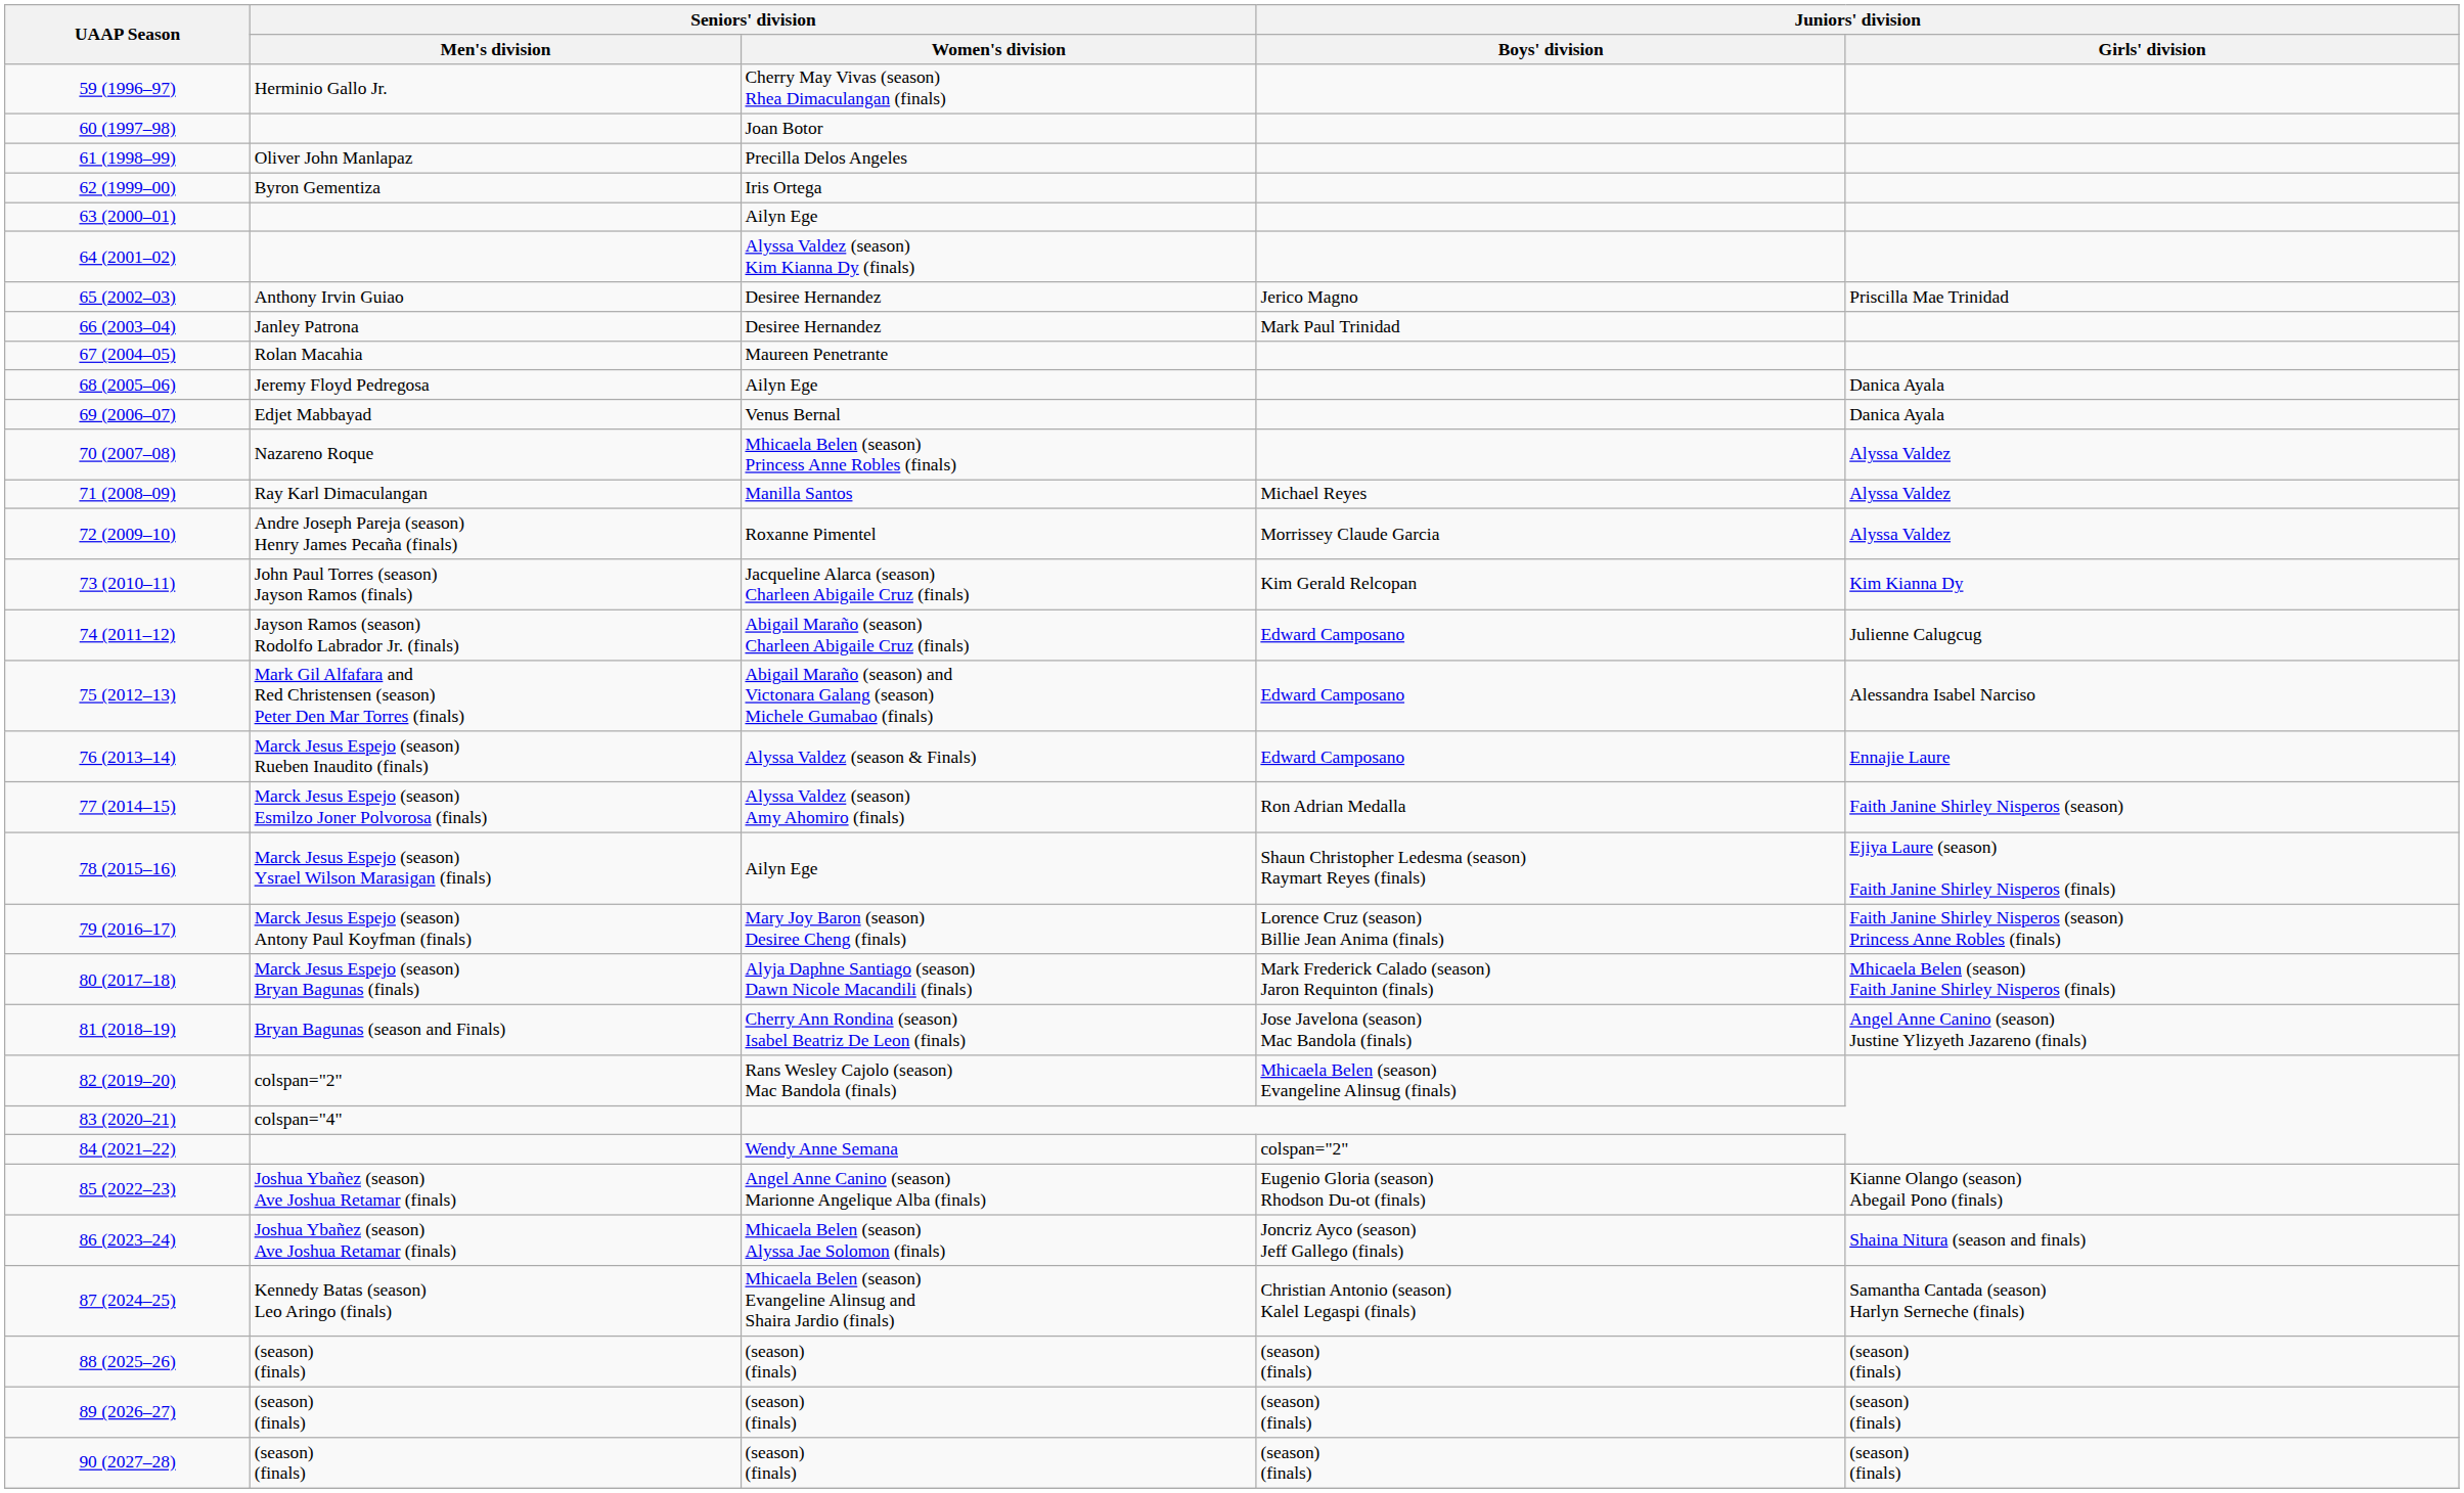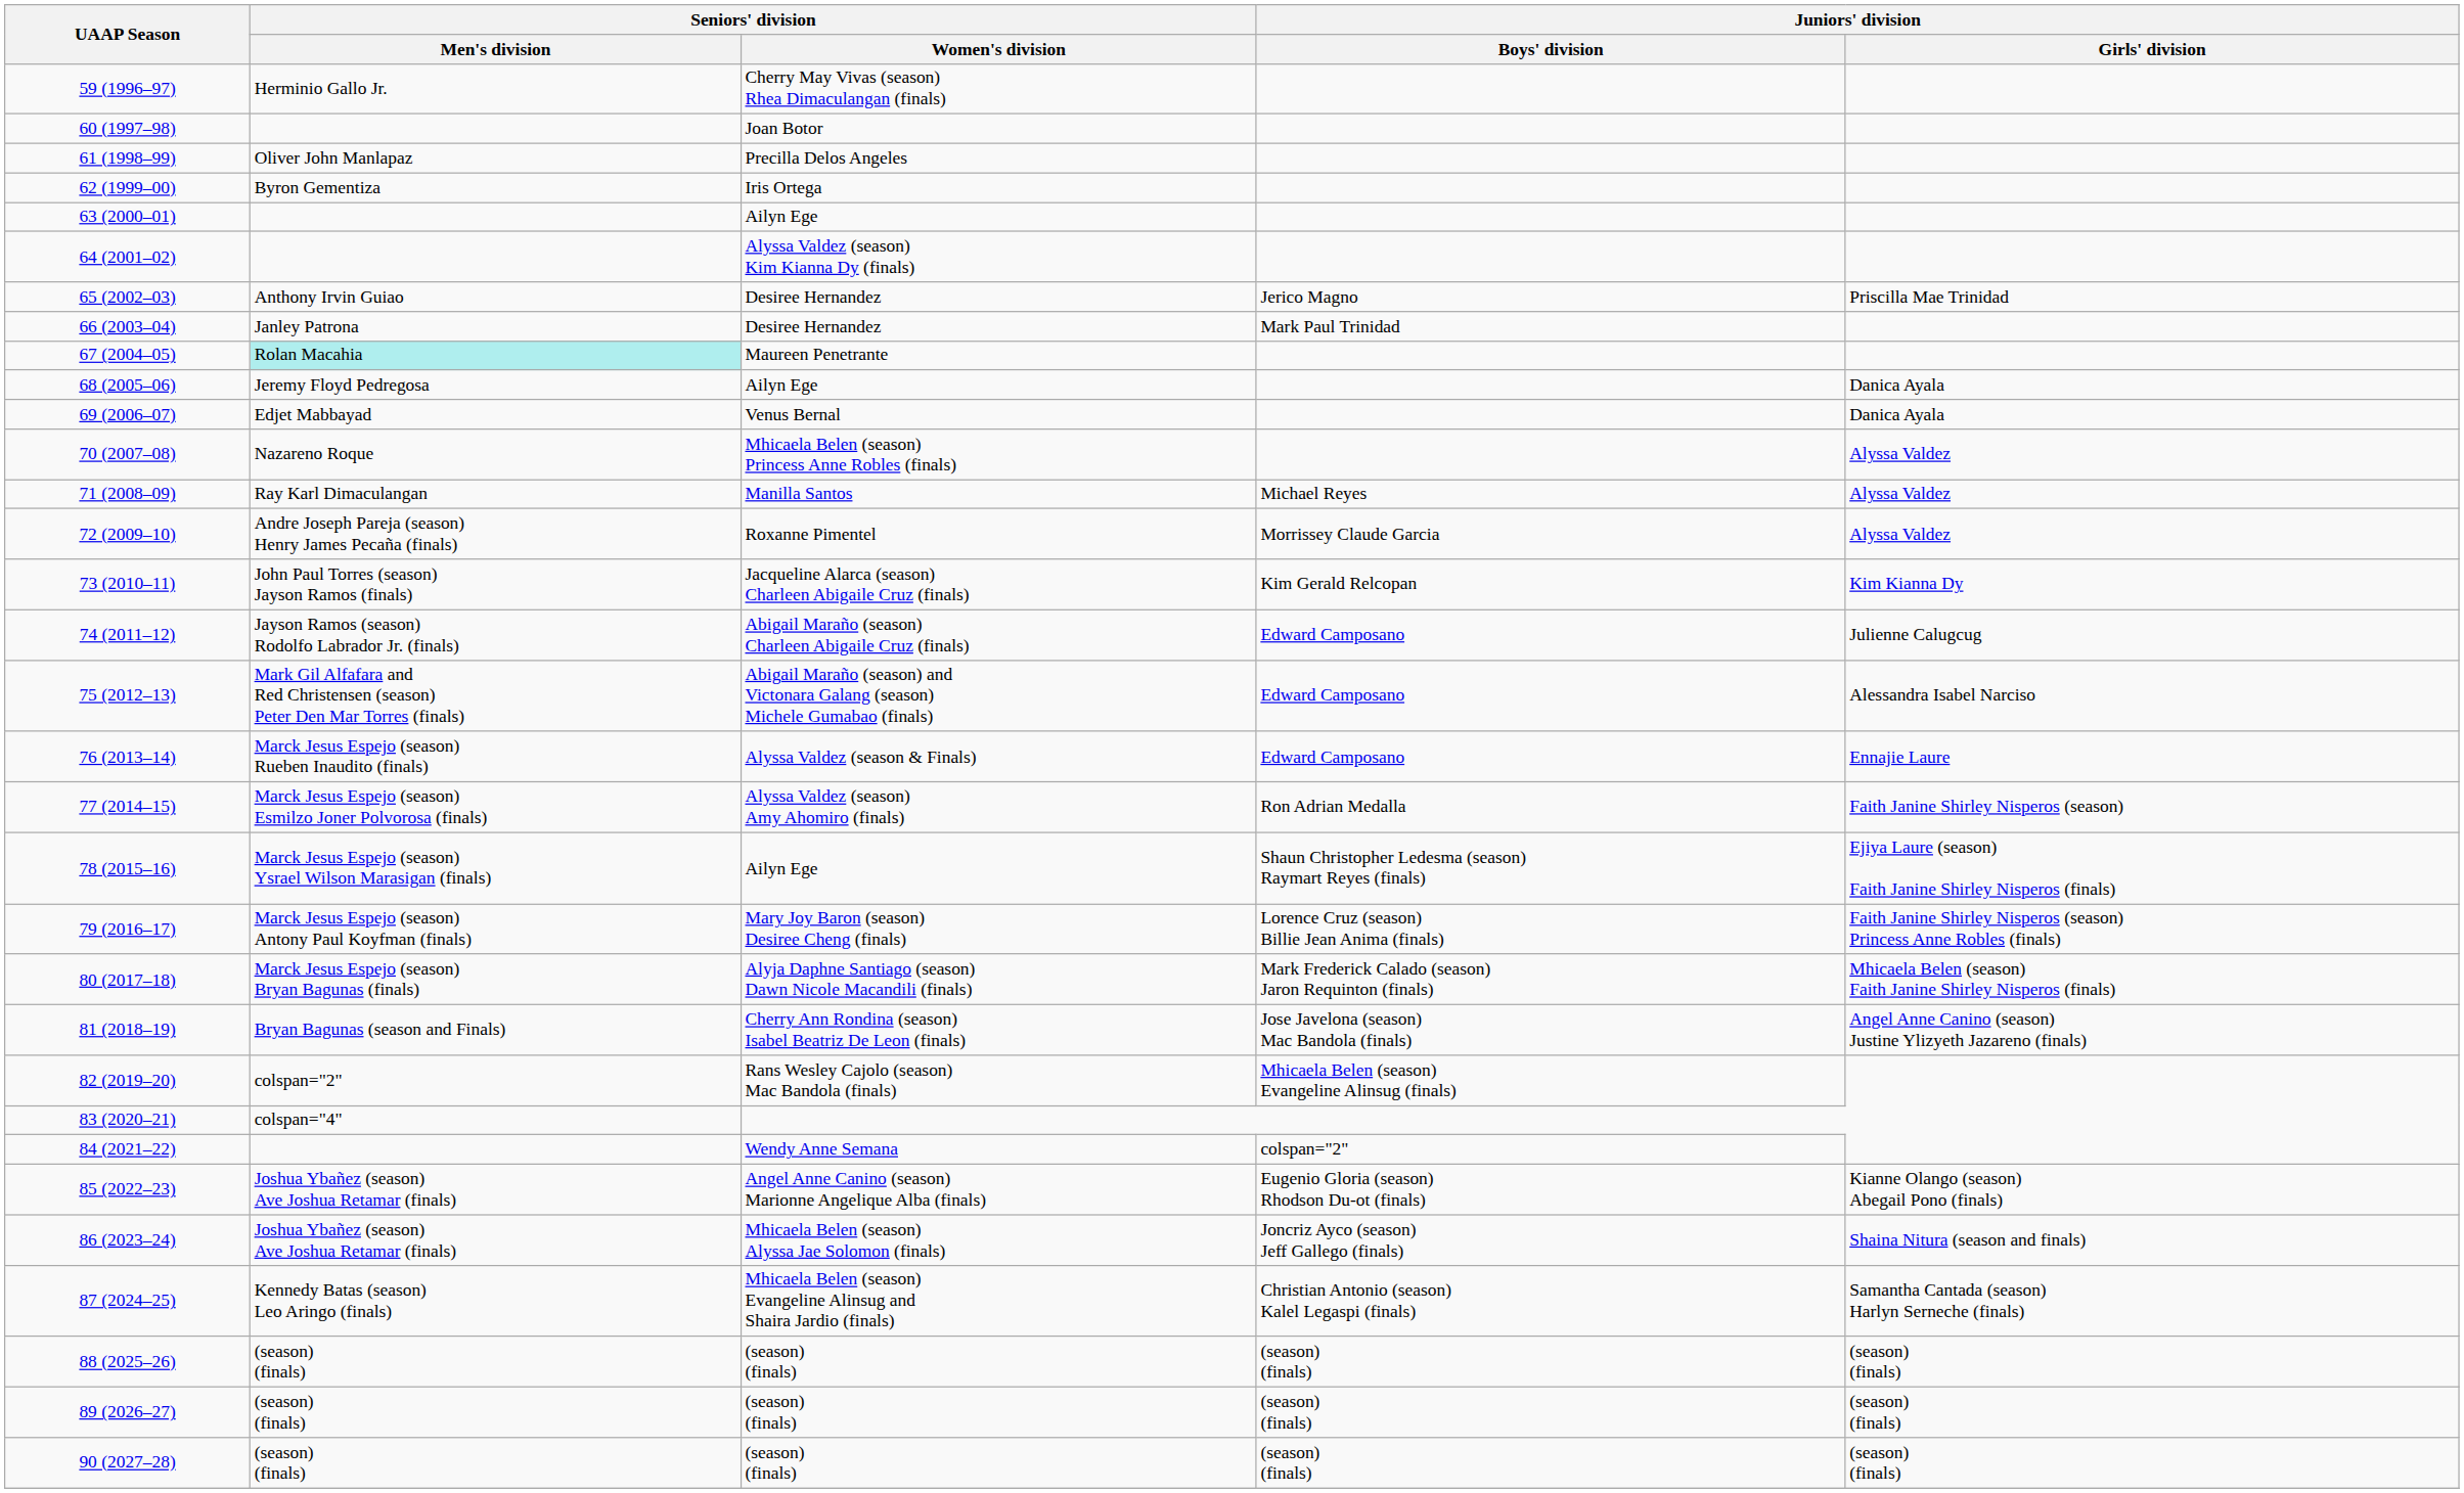 <table class="wikitable" width="100%" style="font-size:90%;">
 <tr>
 <th rowspan=2 width=10%>UAAP Season</th>
 <th colspan=2>Seniors' division</th>
 <th colspan=2>Juniors' division</th>
 </tr>
 <tr>
 <th width=20%>Men's division</th>
 <th width=21%>Women's division</th>
 <th width=24%>Boys' division</th>
 <th width=35%>Girls' division</th>
 </tr>
 <tr>
 <td align="center"><a href='#'>59 (1996–97)</a></td>
 <td> Herminio Gallo Jr.</td>
 <td> Cherry May Vivas (season)<br> <a href='#'>Rhea Dimaculangan</a> (finals)</td>
 <td></td>
 <td></td>
 </tr>
 <tr>
 <td align="center"><a href='#'>60 (1997–98)</a></td>
 <td></td>
 <td> Joan Botor</td>
 <td></td>
 <td></td>
 </tr>
 <tr>
 <td align="center"><a href='#'>61 (1998–99)</a></td>
 <td> Oliver John Manlapaz</td>
 <td> Precilla Delos Angeles</td>
 <td></td>
 <td></td>
 </tr>
 <tr>
 <td align="center"><a href='#'>62 (1999–00)</a></td>
 <td> Byron Gementiza</td>
 <td> Iris Ortega</td>
 <td></td>
 <td></td>
 </tr>
 <tr>
 <td align="center"><a href='#'>63 (2000–01)</a></td>
 <td></td>
 <td> Ailyn Ege</td>
 <td></td>
 <td></td>
 </tr>
 <tr>
 <td align="center"><a href='#'>64 (2001–02)</a></td>
 <td></td>
 <td> <a href='#'>Alyssa Valdez</a> (season) <br>  <a href='#'>Kim Kianna Dy</a> (finals)</td>
 <td></td>
 <td></td>
 </tr>
 <tr>
 <td align="center"><a href='#'>65 (2002–03)</a></td>
 <td> Anthony Irvin Guiao</td>
 <td> Desiree Hernandez</td>
 <td> Jerico Magno</td>
 <td> Priscilla Mae Trinidad</td>
 </tr>
 <tr>
 <td align="center"><a href='#'>66 (2003–04)</a></td>
 <td> Janley Patrona</td>
 <td> Desiree Hernandez</td>
 <td> Mark Paul Trinidad</td>
 <td></td>
 </tr>
 <tr>
 <td align="center"><a href='#'>67 (2004–05)</a></td>
-<td> Rolan Macahia</td>
+<td style="background: paleturquoise;"> Rolan Macahia</td>
 <td> Maureen Penetrante</td>
 <td></td>
 <td></td>
 </tr>
 <tr>
 <td align="center"><a href='#'>68 (2005–06)</a></td>
 <td> Jeremy Floyd Pedregosa</td>
 <td> Ailyn Ege </td>
 <td></td>
 <td> Danica Ayala</td>
 </tr>
 <tr>
 <td align="center"><a href='#'>69 (2006–07)</a></td>
 <td> Edjet Mabbayad</td>
 <td> Venus Bernal</td>
 <td></td>
 <td> Danica Ayala</td>
 </tr>
 <tr>
 <td align="center"><a href='#'>70 (2007–08)</a></td>
 <td> Nazareno Roque</td>
 <td> <a href='#'>Mhicaela Belen</a> (season)<br> <a href='#'>Princess Anne Robles</a> (finals)</td>
 <td></td>
 <td> <a href='#'>Alyssa Valdez</a></td>
 </tr>
 <tr>
 <td align="center"><a href='#'>71 (2008–09)</a></td>
 <td> Ray Karl Dimaculangan</td>
 <td> <a href='#'>Manilla Santos</a></td>
 <td> Michael Reyes</td>
 <td> <a href='#'>Alyssa Valdez</a></td>
 </tr>
 <tr>
 <td align="center"><a href='#'>72 (2009–10)</a></td>
 <td> Andre Joseph Pareja (season)<br>   Henry James Pecaña (finals)</td>
 <td> Roxanne Pimentel</td>
 <td> Morrissey Claude Garcia</td>
 <td> <a href='#'>Alyssa Valdez</a></td>
 </tr>
 <tr>
 <td align="center"><a href='#'>73 (2010–11)</a></td>
 <td> John Paul Torres (season)<br>   Jayson Ramos (finals)</td>
 <td> Jacqueline Alarca (season) <br> <a href='#'>Charleen Abigaile Cruz</a> (finals)</td>
 <td> Kim Gerald Relcopan</td>
 <td> <a href='#'>Kim Kianna Dy</a></td>
 </tr>
 <tr>
 <td align="center"><a href='#'>74 (2011–12)</a></td>
 <td> Jayson Ramos  (season)<br>  Rodolfo Labrador Jr. (finals)</td>
 <td> <a href='#'>Abigail Maraño</a> (season) <br>  <a href='#'>Charleen Abigaile Cruz</a> (finals)</td>
 <td> <a href='#'>Edward Camposano</a></td>
 <td> Julienne Calugcug</td>
 </tr>
 <tr>
 <td align="center"><a href='#'>75 (2012–13)</a></td>
 <td> <a href='#'>Mark Gil Alfafara</a> and<br> Red Christensen (season) <br> <a href='#'>Peter Den Mar Torres</a> (finals)</td>
 <td> <a href='#'>Abigail Maraño</a> (season) and<br> <a href='#'>Victonara Galang</a> (season)<br> <a href='#'>Michele Gumabao</a> (finals)</td>
 <td> <a href='#'>Edward Camposano</a></td>
 <td> Alessandra Isabel Narciso</td>
 </tr>
 <tr>
 <td align="center"><a href='#'>76 (2013–14)</a></td>
 <td> <a href='#'>Marck Jesus Espejo</a> (season)<br> Rueben Inaudito (finals)</td>
 <td> <a href='#'>Alyssa Valdez</a> (season & Finals)</td>
 <td> <a href='#'>Edward Camposano</a></td>
 <td> <a href='#'>Ennajie Laure</a></td>
 </tr>
 <tr>
 <td align="center"><a href='#'>77 (2014–15)</a></td>
 <td> <a href='#'>Marck Jesus Espejo</a>  (season) <br> <a href='#'>Esmilzo Joner Polvorosa</a> (finals)</td>
 <td> <a href='#'>Alyssa Valdez</a> (season)<br> <a href='#'>Amy Ahomiro</a> (finals)</td>
 <td> Ron Adrian Medalla</td>
 <td>  <a href='#'>Faith Janine Shirley Nisperos</a> (season)</td>
 </tr>
 <tr>
 <td align="center"><a href='#'>78 (2015–16)</a></td>
 <td> <a href='#'>Marck Jesus Espejo</a> (season) <br> <a href='#'>Ysrael Wilson Marasigan</a>  (finals)</td>
 <td> Ailyn Ege</td>
 <td> Shaun Christopher Ledesma (season) <br>  Raymart Reyes (finals)</td>
 <td> <a href='#'>Ejiya Laure</a> (season) <br><br> <a href='#'>Faith Janine Shirley Nisperos</a> (finals)</td>
 </tr>
 <tr>
 <td align="center"><a href='#'>79 (2016–17)</a></td>
 <td> <a href='#'>Marck Jesus Espejo</a> (season)<br>  Antony Paul Koyfman (finals)</td>
 <td> <a href='#'>Mary Joy Baron</a> (season)<br>  <a href='#'>Desiree Cheng</a> (finals)</td>
 <td> Lorence Cruz (season) <br>  Billie Jean Anima (finals)</td>
 <td> <a href='#'>Faith Janine Shirley Nisperos</a> (season) <br>  <a href='#'>Princess Anne Robles</a> (finals)</td>
 </tr>
 <tr>
 <td align="center"><a href='#'>80 (2017–18)</a></td>
 <td> <a href='#'>Marck Jesus Espejo</a> (season)<br>  <a href='#'>Bryan Bagunas</a> (finals)</td>
 <td> <a href='#'>Alyja Daphne Santiago</a> (season)<br>  <a href='#'>Dawn Nicole Macandili</a> (finals)</td>
 <td> Mark Frederick Calado (season) <br>  Jaron Requinton (finals)</td>
 <td> <a href='#'>Mhicaela Belen</a> (season) <br>  <a href='#'>Faith Janine Shirley Nisperos</a> (finals)</td>
 </tr>
 <tr>
 <td align="center"><a href='#'>81 (2018–19)</a></td>
 <td> <a href='#'>Bryan Bagunas</a> (season and Finals)</td>
 <td> <a href='#'>Cherry Ann Rondina</a> (season) <br>  <a href='#'>Isabel Beatriz De Leon</a> (finals)</td>
 <td> Jose Javelona (season)<br> Mac Bandola (finals)</td>
 <td> <a href='#'>Angel Anne Canino</a> (season) <br>  Justine Ylizyeth Jazareno (finals)</td>
 </tr>
 <tr>
 <td align="center"><a href='#'>82 (2019–20)</a></td>
 <td>colspan="2" </td>
 <td> Rans Wesley Cajolo (season)<br> Mac Bandola (finals)</td>
 <td> <a href='#'>Mhicaela Belen</a> (season)<br> Evangeline Alinsug (finals)</td>
 </tr>
 <tr>
 <td align="center"><a href='#'>83 (2020–21)</a></td>
 <td>colspan="4" </td>
 </tr>
 <tr>
 <td align="center"><a href='#'>84 (2021–22)</a></td>
 <td></td>
 <td> <a href='#'>Wendy Anne Semana</a></td>
 <td>colspan="2" </td>
 </tr>
 <tr>
 <td align="center"><a href='#'>85 (2022–23)</a></td>
 <td> <a href='#'>Joshua Ybañez</a> (season)<br> <a href='#'>Ave Joshua Retamar</a> (finals)</td>
 <td> <a href='#'>Angel Anne Canino</a> (season)<br> Marionne Angelique Alba (finals)</td>
 <td> Eugenio Gloria (season)<br> Rhodson Du-ot (finals)</td>
 <td> Kianne Olango (season)<br> Abegail Pono (finals)</td>
 </tr>
 <tr>
 <td align="center"><a href='#'>86 (2023–24)</a></td>
 <td> <a href='#'>Joshua Ybañez</a> (season)<br> <a href='#'>Ave Joshua Retamar</a> (finals)</td>
 <td> <a href='#'>Mhicaela Belen</a> (season)<br> <a href='#'>Alyssa Jae Solomon</a> (finals)</td>
 <td> Joncriz Ayco (season)<br> Jeff Gallego (finals)</td>
 <td> <a href='#'>Shaina Nitura</a> (season and finals)</td>
 </tr>
 <tr>
 <td align="center"><a href='#'>87 (2024–25)</a></td>
 <td> Kennedy Batas (season) <br>  Leo Aringo (finals)</td>
 <td> <a href='#'>Mhicaela Belen</a> (season)<br> Evangeline Alinsug and<br>  Shaira Jardio (finals)</td>
 <td> Christian Antonio (season)<br>  Kalel Legaspi (finals)</td>
 <td> Samantha Cantada (season)<br>  Harlyn Serneche (finals)</td>
 </tr>
 <tr>
 <td align="center"><a href='#'>88 (2025–26)</a></td>
 <td>(season) <br> (finals)</td>
 <td>(season) <br> (finals)</td>
 <td>(season)<br> (finals)</td>
 <td>(season)<br> (finals)</td>
 </tr>
 <tr>
 <td align="center"><a href='#'>89 (2026–27)</a></td>
 <td>(season) <br> (finals)</td>
 <td>(season) <br> (finals)</td>
 <td>(season)<br> (finals)</td>
 <td>(season)<br> (finals)</td>
 </tr>
 <tr>
 <td align="center"><a href='#'>90 (2027–28)</a></td>
 <td>(season) <br> (finals)</td>
 <td>(season) <br> (finals)</td>
 <td>(season)<br> (finals)</td>
 <td>(season)<br> (finals)</td>
 </tr>
 <tr>
 </tr>
 </table>
